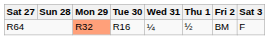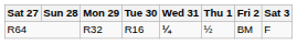 <table class="wikitable olympic-schedule tennis">
 <tr>
 <th>Sat 27</th>
 <th>Sun 28</th>
 <th>Mon 29</th>
 <th>Tue 30</th>
 <th>Wed 31</th>
 <th>Thu 1</th>
 <th colspan=2>Fri 2</th>
 <th>Sat 3</th>
 </tr>
 <tr>
 <td colspan=2 class="prelims">R64</td>
-<td class="prelims" style="background: lightsalmon;">R32</td>
+<td class="prelims">R32</td>
 <td class="prelims">R16</td>
-<td class="quarterfinals">¼</td>
+<td class="quarterfinals"><strong>¼</strong></td>
 <td class="semifinals">½</td>
 <td colspan=2 class="final">BM</td>
 <td class="final">F</td>
 </tr>
 </table>
